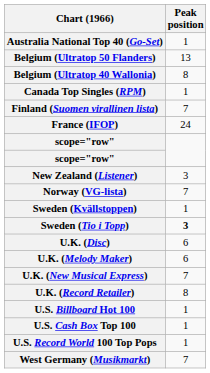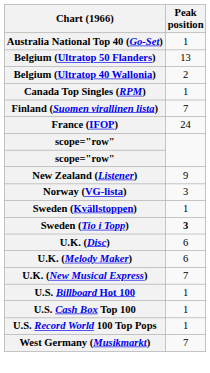 <table class="wikitable plainrowheaders sortable">
 <tr>
 <th scope="col">Chart (1966)</th>
 <th scope="col">Peak<br>position</th>
 </tr>
 <tr>
 <th scope="row">Australia National Top 40 (<em><a href='#'>Go-Set</a></em>)</th>
 <td align="center">1</td>
 </tr>
 <tr>
 <th scope="row">Belgium (<a href='#'>Ultratop 50 Flanders</a>)</th>
 <td align="center">13</td>
 </tr>
 <tr>
 <th scope="row">Belgium (<a href='#'>Ultratop 40 Wallonia</a>)</th>
-<td align="center">8</td>
+<td align="center">2</td>
 </tr>
 <tr>
 <th scope="row">Canada Top Singles (<em><a href='#'>RPM</a></em>)</th>
 <td align="center">1</td>
 </tr>
 <tr>
 <th scope="row">Finland (<em><a href='#'>Suomen virallinen lista</a></em>)</th>
 <td align="center">7</td>
 </tr>
 <tr>
 <th scope="row">France (<a href='#'>IFOP</a>)</th>
 <td align="center">24</td>
 </tr>
 <tr>
 <th>scope="row" </th>
 </tr>
 <tr>
 <th>scope="row" </th>
 </tr>
 <tr>
 <th scope="row">New Zealand (<em><a href='#'>Listener</a></em>)</th>
-<td align="center">3</td>
+<td align="center">9</td>
 </tr>
 <tr>
 <th scope="row">Norway (<a href='#'>VG-lista</a>)</th>
-<td align="center">7</td>
+<td align="center">3</td>
 </tr>
 <tr>
 <th scope="row">Sweden (<a href='#'>Kvällstoppen</a>)</th>
 <td style="text-align:center;">1</td>
 </tr>
 <tr>
 <th scope="row">Sweden (<em><a href='#'>Tio i Topp</a></em>)</th>
 <td style="text-align:center;"><strong>3</strong></td>
 </tr>
 <tr>
 <th scope="row">U.K. (<em><a href='#'>Disc</a></em>)</th>
 <td align="center">6</td>
 </tr>
 <tr>
 <th scope="row">U.K. (<em><a href='#'>Melody Maker</a></em>)</th>
 <td align="center">6</td>
 </tr>
 <tr>
 <th scope="row">U.K. (<em><a href='#'>New Musical Express</a></em>)</th>
 <td align="center">7</td>
 </tr>
 <tr>
-<th scope="row">U.K. (<a href='#'><em>Record Retailer</em></a>)</th>
-<td align="center">8</td>
-</tr>
-<tr>
 <th scope="row">U.S. <a href='#'><em>Billboard</em> Hot 100</a></th>
 <td align="center">1</td>
 </tr>
 <tr>
 <th scope="row">U.S. <em><a href='#'>Cash Box</a></em> Top 100</th>
 <td align="center">1</td>
 </tr>
 <tr>
 <th scope="row">U.S. <em><a href='#'>Record World</a></em> 100 Top Pops</th>
 <td align="center">1</td>
 </tr>
 <tr>
 <th scope="row">West Germany (<em><a href='#'>Musikmarkt</a></em>)</th>
 <td align="center">7</td>
 </tr>
 </table>
